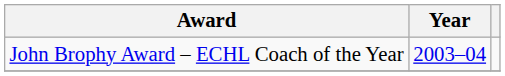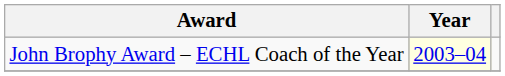 <table class="wikitable">
 <tr>
 <th>Award</th>
 <th>Year</th>
 <th></th>
 </tr>
 <tr>
 <td><a href='#'>John Brophy Award</a> – <a href='#'>ECHL</a> Coach of the Year</td>
-<td><a href='#'>2003–04</a></td>
+<td style="background: lightyellow;"><a href='#'>2003–04</a></td>
 <td></td>
 </tr>
 <tr>
 </tr>
 </table>
